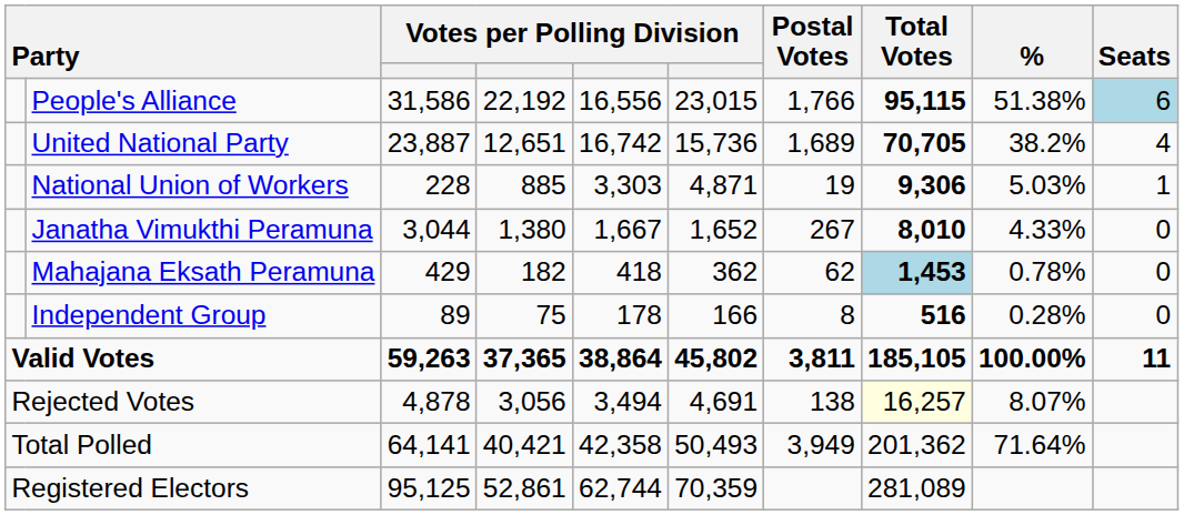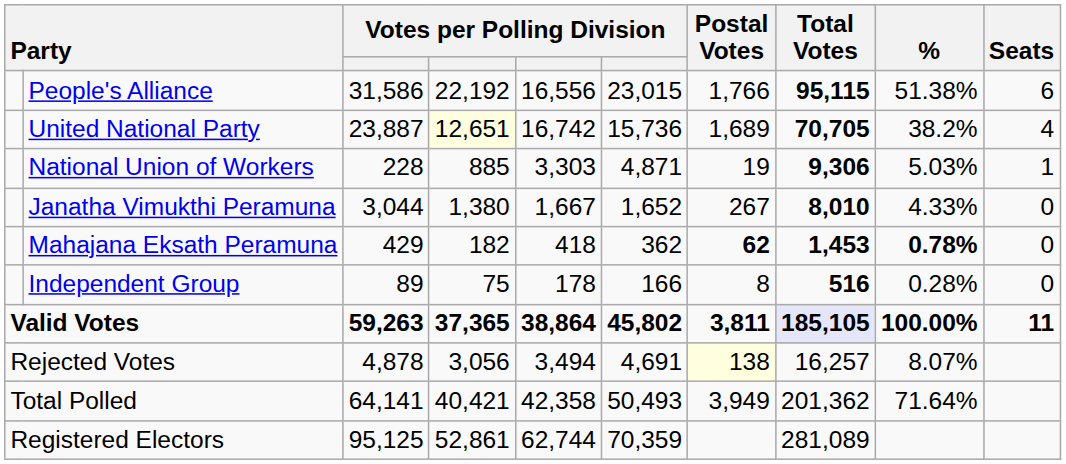 <table class="wikitable" border="1" style="text-align:right;">
 <tr>
 <th style="text-align:left; vertical-align:bottom;" rowspan="2" colspan="2">Party</th>
 <th colspan=4>Votes per Polling Division</th>
 <th rowspan="2" style="vertical-align:bottom; text-align:center; width:50px;">Postal<br>Votes</th>
 <th rowspan="2" style="vertical-align:bottom; text-align:center; width:50px;">Total Votes</th>
 <th rowspan="2" style="vertical-align:bottom; text-align:center; width:50px;">%</th>
 <th rowspan="2" style="vertical-align:bottom; text-align:center; width:40px;">Seats</th>
 </tr>
 <tr>
 <th></th>
 <th></th>
 <th></th>
 <th></th>
 </tr>
 <tr>
 <td bgcolor=> </td>
 <td align=left><a href='#'>People's Alliance</a></td>
 <td>31,586</td>
 <td>22,192</td>
 <td>16,556</td>
 <td>23,015</td>
 <td>1,766</td>
 <td><strong>95,115</strong></td>
 <td>51.38%</td>
-<td style="background: lightblue;">6</td>
+<td>6</td>
 </tr>
 <tr>
 <td bgcolor=> </td>
 <td align=left><a href='#'>United National Party</a></td>
 <td>23,887</td>
-<td>12,651</td>
+<td style="background: lightyellow;">12,651</td>
 <td>16,742</td>
 <td>15,736</td>
 <td>1,689</td>
 <td><strong>70,705</strong></td>
 <td>38.2%</td>
 <td>4</td>
 </tr>
 <tr>
 <td bgcolor=> </td>
 <td align=left><a href='#'>National Union of Workers</a></td>
 <td>228</td>
 <td>885</td>
 <td>3,303</td>
 <td>4,871</td>
 <td>19</td>
 <td><strong>9,306</strong></td>
 <td>5.03%</td>
 <td>1</td>
 </tr>
 <tr>
 <td bgcolor=> </td>
 <td align=left><a href='#'>Janatha Vimukthi Peramuna</a></td>
 <td>3,044</td>
 <td>1,380</td>
 <td>1,667</td>
 <td>1,652</td>
 <td>267</td>
 <td><strong>8,010</strong></td>
 <td>4.33%</td>
 <td>0</td>
 </tr>
 <tr>
 <td bgcolor=> </td>
 <td align=left><a href='#'>Mahajana Eksath Peramuna</a></td>
 <td>429</td>
 <td>182</td>
 <td>418</td>
 <td>362</td>
-<td>62</td>
-<td style="background: lightblue;"><strong>1,453</strong></td>
-<td>0.78%</td>
+<td><strong>62</strong></td>
+<td><strong>1,453</strong></td>
+<td><strong>0.78%</strong></td>
 <td>0</td>
 </tr>
 <tr>
 <td bgcolor=> </td>
 <td align=left><a href='#'>Independent Group</a></td>
 <td>89</td>
 <td>75</td>
 <td>178</td>
 <td>166</td>
 <td>8</td>
 <td><strong>516</strong></td>
 <td>0.28%</td>
 <td>0</td>
 </tr>
 <tr>
 <td align=left colspan=2><strong>Valid Votes</strong></td>
 <td><strong>59,263</strong></td>
 <td><strong>37,365</strong></td>
 <td><strong>38,864</strong></td>
 <td><strong>45,802</strong></td>
 <td><strong>3,811</strong></td>
-<td><strong>185,105</strong></td>
+<td style="background: lavender;"><strong>185,105</strong></td>
 <td><strong>100.00%</strong></td>
 <td><strong>11</strong></td>
 </tr>
 <tr>
 <td align=left colspan=2>Rejected Votes</td>
 <td>4,878</td>
 <td>3,056</td>
 <td>3,494</td>
 <td>4,691</td>
-<td>138</td>
-<td style="background: lightyellow;">16,257</td>
+<td style="background: lightyellow;">138</td>
+<td>16,257</td>
 <td>8.07%</td>
 <td></td>
 </tr>
 <tr>
 <td align=left colspan=2>Total Polled</td>
 <td>64,141</td>
 <td>40,421</td>
 <td>42,358</td>
 <td>50,493</td>
 <td>3,949</td>
 <td>201,362</td>
 <td>71.64%</td>
 <td></td>
 </tr>
 <tr>
 <td align=left colspan=2>Registered Electors</td>
 <td>95,125</td>
 <td>52,861</td>
 <td>62,744</td>
 <td>70,359</td>
 <td></td>
 <td>281,089</td>
 <td></td>
 <td></td>
 </tr>
 </table>
